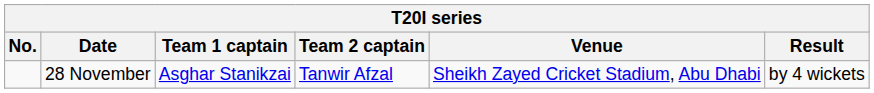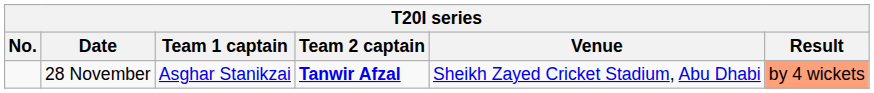 <table class="wikitable">
 <tr>
 <th colspan="9">T20I series</th>
 </tr>
 <tr>
 <th>No.</th>
 <th>Date</th>
 <th>Team 1 captain</th>
 <th>Team 2 captain</th>
 <th>Venue</th>
 <th>Result</th>
 </tr>
 <tr>
 <td></td>
 <td>28 November</td>
 <td><a href='#'>Asghar Stanikzai</a></td>
-<td><a href='#'>Tanwir Afzal</a></td>
+<td><strong><a href='#'>Tanwir Afzal</a></strong></td>
 <td><a href='#'>Sheikh Zayed Cricket Stadium</a>, <a href='#'>Abu Dhabi</a></td>
-<td> by 4 wickets</td>
+<td style="background: lightsalmon;"> by 4 wickets</td>
 </tr>
 </table>
